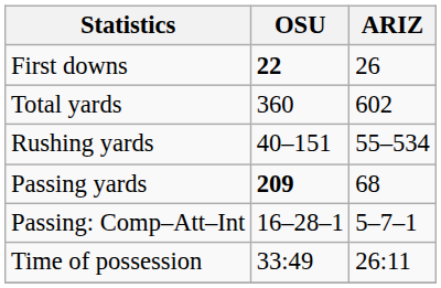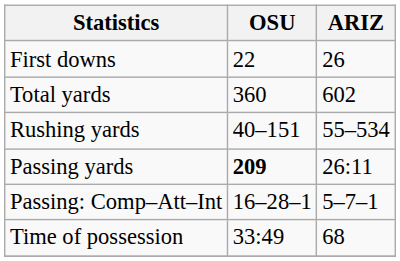 <table class="wikitable" style="float: left;">
 <tr>
 <th>Statistics</th>
 <th>OSU</th>
 <th>ARIZ</th>
 </tr>
 <tr>
 <td>First downs</td>
-<td><strong>22</strong></td>
+<td>22</td>
 <td>26</td>
 </tr>
 <tr>
 <td>Total yards</td>
 <td>360</td>
 <td>602</td>
 </tr>
 <tr>
 <td>Rushing yards</td>
 <td>40–151</td>
 <td>55–534</td>
 </tr>
 <tr>
 <td>Passing yards</td>
 <td><strong>209</strong></td>
-<td>68</td>
+<td>26:11</td>
 </tr>
 <tr>
 <td>Passing: Comp–Att–Int</td>
 <td>16–28–1</td>
 <td>5–7–1</td>
 </tr>
 <tr>
 <td>Time of possession</td>
 <td>33:49</td>
-<td>26:11</td>
+<td>68</td>
 </tr>
 <tr>
 </tr>
 </table>
